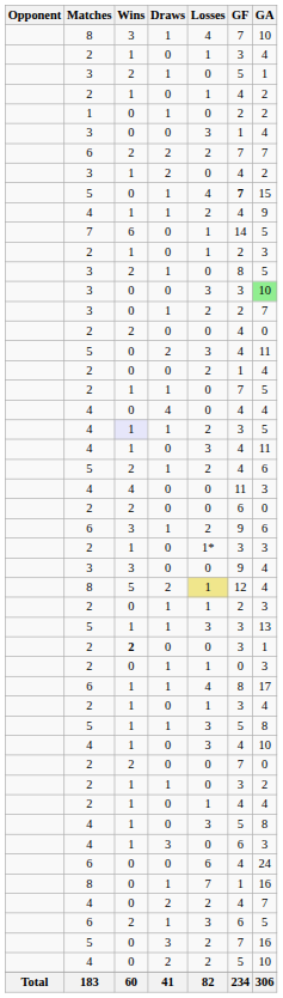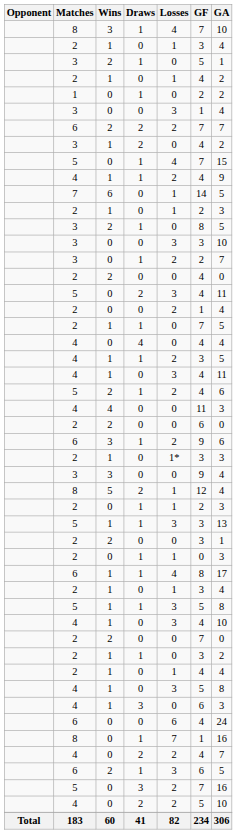 <table class="wikitable sortable" style="text-align:center">
 <tr>
 <th>Opponent</th>
 <th>Matches</th>
 <th>Wins</th>
 <th>Draws</th>
 <th>Losses</th>
 <th>GF</th>
 <th>GA</th>
 </tr>
 <tr>
 <td style="text-align:left;"></td>
 <td>8</td>
 <td>3</td>
 <td>1</td>
 <td>4</td>
 <td>7</td>
 <td>10</td>
 </tr>
 <tr>
 <td style="text-align:left;"></td>
 <td>2</td>
 <td>1</td>
 <td>0</td>
 <td>1</td>
 <td>3</td>
 <td>4</td>
 </tr>
 <tr>
 <td style="text-align:left;"></td>
 <td>3</td>
 <td>2</td>
 <td>1</td>
 <td>0</td>
 <td>5</td>
 <td>1</td>
 </tr>
 <tr>
 <td style="text-align:left;"></td>
 <td>2</td>
 <td>1</td>
 <td>0</td>
 <td>1</td>
 <td>4</td>
 <td>2</td>
 </tr>
 <tr>
 <td style="text-align:left;"></td>
 <td>1</td>
 <td>0</td>
 <td>1</td>
 <td>0</td>
 <td>2</td>
 <td>2</td>
 </tr>
 <tr>
 <td style="text-align:left;"></td>
 <td>3</td>
 <td>0</td>
 <td>0</td>
 <td>3</td>
 <td>1</td>
 <td>4</td>
 </tr>
 <tr>
 <td style="text-align:left;"></td>
 <td>6</td>
 <td>2</td>
 <td>2</td>
 <td>2</td>
 <td>7</td>
 <td>7</td>
 </tr>
 <tr>
 <td style="text-align:left;"></td>
 <td>3</td>
 <td>1</td>
 <td>2</td>
 <td>0</td>
 <td>4</td>
 <td>2</td>
 </tr>
 <tr>
 <td style="text-align:left;"></td>
 <td>5</td>
 <td>0</td>
 <td>1</td>
 <td>4</td>
-<td><strong>7</strong></td>
+<td>7</td>
 <td>15</td>
 </tr>
 <tr>
 <td style="text-align:left;"></td>
 <td>4</td>
 <td>1</td>
 <td>1</td>
 <td>2</td>
 <td>4</td>
 <td>9</td>
 </tr>
 <tr>
 <td style="text-align:left;"></td>
 <td>7</td>
 <td>6</td>
 <td>0</td>
 <td>1</td>
 <td>14</td>
 <td>5</td>
 </tr>
 <tr>
 <td style="text-align:left;"></td>
 <td>2</td>
 <td>1</td>
 <td>0</td>
 <td>1</td>
 <td>2</td>
 <td>3</td>
 </tr>
 <tr>
 <td style="text-align:left;"></td>
 <td>3</td>
 <td>2</td>
 <td>1</td>
 <td>0</td>
 <td>8</td>
 <td>5</td>
 </tr>
 <tr>
 <td style="text-align:left;"></td>
 <td>3</td>
 <td>0</td>
 <td>0</td>
 <td>3</td>
 <td>3</td>
-<td style="background: lightgreen;">10</td>
+<td>10</td>
 </tr>
 <tr>
 <td style="text-align:left;"></td>
 <td>3</td>
 <td>0</td>
 <td>1</td>
 <td>2</td>
 <td>2</td>
 <td>7</td>
 </tr>
 <tr>
 <td style="text-align:left;"></td>
 <td>2</td>
 <td>2</td>
 <td>0</td>
 <td>0</td>
 <td>4</td>
 <td>0</td>
 </tr>
 <tr>
 <td style="text-align:left;"></td>
 <td>5</td>
 <td>0</td>
 <td>2</td>
 <td>3</td>
 <td>4</td>
 <td>11</td>
 </tr>
 <tr>
 <td style="text-align:left;"></td>
 <td>2</td>
 <td>0</td>
 <td>0</td>
 <td>2</td>
 <td>1</td>
 <td>4</td>
 </tr>
 <tr>
 <td style="text-align:left;"></td>
 <td>2</td>
 <td>1</td>
 <td>1</td>
 <td>0</td>
 <td>7</td>
 <td>5</td>
 </tr>
 <tr>
 <td style="text-align:left;"></td>
 <td>4</td>
 <td>0</td>
 <td>4</td>
 <td>0</td>
 <td>4</td>
 <td>4</td>
 </tr>
 <tr>
 <td style="text-align:left;"></td>
 <td>4</td>
-<td style="background: lavender;">1</td>
+<td>1</td>
 <td>1</td>
 <td>2</td>
 <td>3</td>
 <td>5</td>
 </tr>
 <tr>
 <td style="text-align:left;"></td>
 <td>4</td>
 <td>1</td>
 <td>0</td>
 <td>3</td>
 <td>4</td>
 <td>11</td>
 </tr>
 <tr>
 <td style="text-align:left;"></td>
 <td>5</td>
 <td>2</td>
 <td>1</td>
 <td>2</td>
 <td>4</td>
 <td>6</td>
 </tr>
 <tr>
 <td style="text-align:left;"></td>
 <td>4</td>
 <td>4</td>
 <td>0</td>
 <td>0</td>
 <td>11</td>
 <td>3</td>
 </tr>
 <tr>
 <td style="text-align:left;"></td>
 <td>2</td>
 <td>2</td>
 <td>0</td>
 <td>0</td>
 <td>6</td>
 <td>0</td>
 </tr>
 <tr>
 <td style="text-align:left;"></td>
 <td>6</td>
 <td>3</td>
 <td>1</td>
 <td>2</td>
 <td>9</td>
 <td>6</td>
 </tr>
 <tr>
 <td style="text-align:left;"></td>
 <td>2</td>
 <td>1</td>
 <td>0</td>
 <td>1*</td>
 <td>3</td>
 <td>3</td>
 </tr>
 <tr>
 <td style="text-align:left;"></td>
 <td>3</td>
 <td>3</td>
 <td>0</td>
 <td>0</td>
 <td>9</td>
 <td>4</td>
 </tr>
 <tr>
 <td style="text-align:left;"></td>
 <td>8</td>
 <td>5</td>
 <td>2</td>
-<td style="background: khaki;">1</td>
+<td>1</td>
 <td>12</td>
 <td>4</td>
 </tr>
 <tr>
 <td style="text-align:left;"></td>
 <td>2</td>
 <td>0</td>
 <td>1</td>
 <td>1</td>
 <td>2</td>
 <td>3</td>
 </tr>
 <tr>
 <td style="text-align:left;"></td>
 <td>5</td>
 <td>1</td>
 <td>1</td>
 <td>3</td>
 <td>3</td>
 <td>13</td>
 </tr>
 <tr>
 <td style="text-align:left;"></td>
 <td>2</td>
-<td><strong>2</strong></td>
+<td>2</td>
 <td>0</td>
 <td>0</td>
 <td>3</td>
 <td>1</td>
 </tr>
 <tr>
 <td style="text-align:left;"></td>
 <td>2</td>
 <td>0</td>
 <td>1</td>
 <td>1</td>
 <td>0</td>
 <td>3</td>
 </tr>
 <tr>
 <td style="text-align:left;"></td>
 <td>6</td>
 <td>1</td>
 <td>1</td>
 <td>4</td>
 <td>8</td>
 <td>17</td>
 </tr>
 <tr>
 <td style="text-align:left;"></td>
 <td>2</td>
 <td>1</td>
 <td>0</td>
 <td>1</td>
 <td>3</td>
 <td>4</td>
 </tr>
 <tr>
 <td style="text-align:left;"></td>
 <td>5</td>
 <td>1</td>
 <td>1</td>
 <td>3</td>
 <td>5</td>
 <td>8</td>
 </tr>
 <tr>
 <td style="text-align:left;"></td>
 <td>4</td>
 <td>1</td>
 <td>0</td>
 <td>3</td>
 <td>4</td>
 <td>10</td>
 </tr>
 <tr>
 <td style="text-align:left;"></td>
 <td>2</td>
 <td>2</td>
 <td>0</td>
 <td>0</td>
 <td>7</td>
 <td>0</td>
 </tr>
 <tr>
 <td style="text-align:left;"></td>
 <td>2</td>
 <td>1</td>
 <td>1</td>
 <td>0</td>
 <td>3</td>
 <td>2</td>
 </tr>
 <tr>
 <td style="text-align:left;"></td>
 <td>2</td>
 <td>1</td>
 <td>0</td>
 <td>1</td>
 <td>4</td>
 <td>4</td>
 </tr>
 <tr>
 <td style="text-align:left;"></td>
 <td>4</td>
 <td>1</td>
 <td>0</td>
 <td>3</td>
 <td>5</td>
 <td>8</td>
 </tr>
 <tr>
 <td style="text-align:left;"></td>
 <td>4</td>
 <td>1</td>
 <td>3</td>
 <td>0</td>
 <td>6</td>
 <td>3</td>
 </tr>
 <tr>
 <td style="text-align:left;"></td>
 <td>6</td>
 <td>0</td>
 <td>0</td>
 <td>6</td>
 <td>4</td>
 <td>24</td>
 </tr>
 <tr>
 <td style="text-align:left;"></td>
 <td>8</td>
 <td>0</td>
 <td>1</td>
 <td>7</td>
 <td>1</td>
 <td>16</td>
 </tr>
 <tr>
 <td style="text-align:left;"></td>
 <td>4</td>
 <td>0</td>
 <td>2</td>
 <td>2</td>
 <td>4</td>
 <td>7</td>
 </tr>
 <tr>
 <td style="text-align:left;"></td>
 <td>6</td>
 <td>2</td>
 <td>1</td>
 <td>3</td>
 <td>6</td>
 <td>5</td>
 </tr>
 <tr>
 <td style="text-align:left;"></td>
 <td>5</td>
 <td>0</td>
 <td>3</td>
 <td>2</td>
 <td>7</td>
 <td>16</td>
 </tr>
 <tr>
 <td style="text-align:left;"></td>
 <td>4</td>
 <td>0</td>
 <td>2</td>
 <td>2</td>
 <td>5</td>
 <td>10</td>
 </tr>
 <tr>
 </tr>
 <tr class="sortbot">
 <th>Total</th>
 <th>183</th>
 <th>60</th>
 <th>41</th>
 <th>82</th>
 <th>234</th>
 <th>306</th>
 </tr>
 </table>
